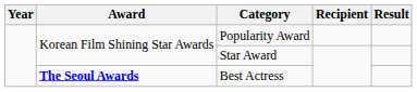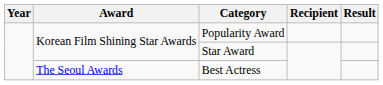 <table class="wikitable">
 <tr>
 <th>Year</th>
 <th>Award</th>
 <th>Category</th>
 <th>Recipient</th>
 <th>Result</th>
 </tr>
 <tr>
 <td rowspan="3"></td>
 <td rowspan="2">Korean Film Shining Star Awards</td>
 <td>Popularity Award</td>
 <td></td>
 <td></td>
 </tr>
 <tr>
 <td>Star Award</td>
 <td rowspan="2"></td>
 <td></td>
 </tr>
 <tr>
-<td><strong><a href='#'>The Seoul Awards</a></strong></td>
+<td><a href='#'>The Seoul Awards</a></td>
 <td>Best Actress</td>
 <td></td>
 </tr>
 </table>
